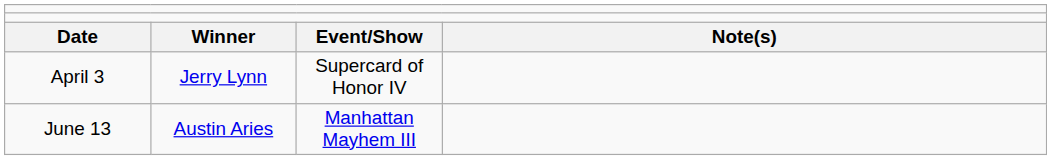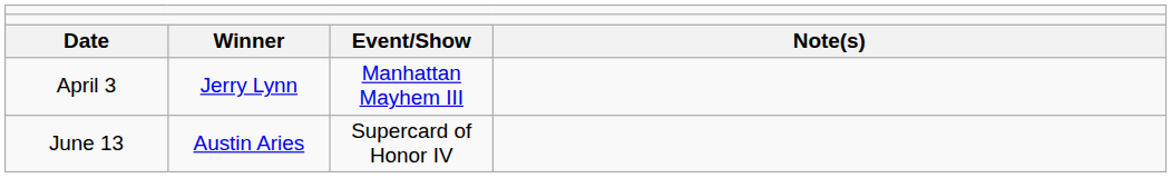 <table class="wikitable" style="text-align:center; width:100%;">
 <tr>
 <td colspan="5"></td>
 </tr>
 <tr>
 <td colspan="5"><strong></strong></td>
 </tr>
 <tr>
 <th width=14%>Date</th>
 <th width=14%>Winner</th>
 <th width=14%>Event/Show</th>
 <th width=58%>Note(s)</th>
 </tr>
 <tr>
 <td>April 3</td>
 <td><a href='#'>Jerry Lynn</a></td>
-<td>Supercard of Honor IV</td>
+<td><a href='#'>Manhattan Mayhem III</a></td>
 <td align="left"></td>
 </tr>
 <tr>
 <td>June 13</td>
 <td><a href='#'>Austin Aries</a></td>
-<td><a href='#'>Manhattan Mayhem III</a></td>
+<td>Supercard of Honor IV</td>
 <td align="left"></td>
 </tr>
 </table>
